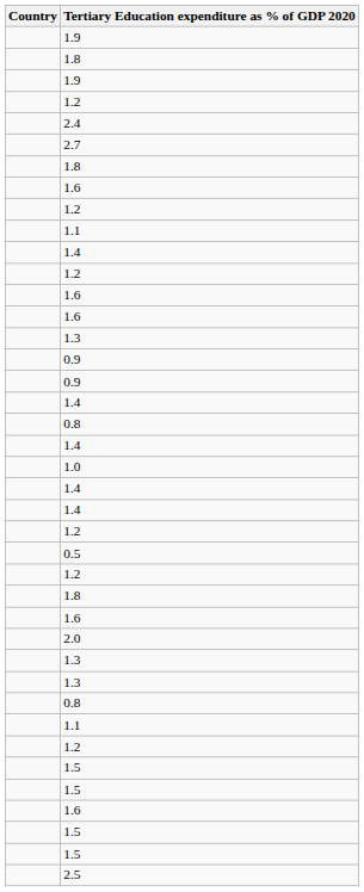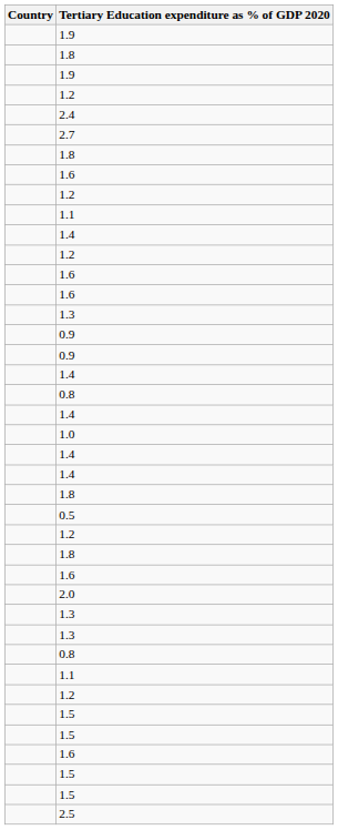 <table class="wikitable sortable mw-collapsible mw-collapsed">
 <tr>
 <th>Country</th>
 <th>Tertiary Education expenditure as % of GDP 2020</th>
 </tr>
 <tr>
 <td></td>
 <td>1.9</td>
 </tr>
 <tr>
 <td></td>
 <td>1.8</td>
 </tr>
 <tr>
 <td></td>
 <td>1.9</td>
 </tr>
 <tr>
 <td></td>
 <td>1.2</td>
 </tr>
 <tr>
 <td></td>
 <td>2.4</td>
 </tr>
 <tr>
 <td></td>
 <td>2.7</td>
 </tr>
 <tr>
 <td></td>
 <td>1.8</td>
 </tr>
 <tr>
 <td></td>
 <td>1.6</td>
 </tr>
 <tr>
 <td></td>
 <td>1.2</td>
 </tr>
 <tr>
 <td></td>
 <td>1.1</td>
 </tr>
 <tr>
 <td></td>
 <td>1.4</td>
 </tr>
 <tr>
 <td></td>
 <td>1.2</td>
 </tr>
 <tr>
 <td></td>
 <td>1.6</td>
 </tr>
 <tr>
 <td></td>
 <td>1.6</td>
 </tr>
 <tr>
 <td></td>
 <td>1.3</td>
 </tr>
 <tr>
 <td></td>
 <td>0.9</td>
 </tr>
 <tr>
 <td></td>
 <td>0.9</td>
 </tr>
 <tr>
 <td></td>
 <td>1.4</td>
 </tr>
 <tr>
 <td></td>
 <td>0.8</td>
 </tr>
 <tr>
 <td></td>
 <td>1.4</td>
 </tr>
 <tr>
 <td></td>
 <td>1.0</td>
 </tr>
 <tr>
 <td></td>
 <td>1.4</td>
 </tr>
 <tr>
 <td></td>
 <td>1.4</td>
 </tr>
 <tr>
 <td></td>
-<td>1.2</td>
+<td>1.8</td>
 </tr>
 <tr>
 <td></td>
 <td>0.5</td>
 </tr>
 <tr>
 <td></td>
 <td>1.2</td>
 </tr>
 <tr>
 <td></td>
 <td>1.8</td>
 </tr>
 <tr>
 <td></td>
 <td>1.6</td>
 </tr>
 <tr>
 <td></td>
 <td>2.0</td>
 </tr>
 <tr>
 <td></td>
 <td>1.3</td>
 </tr>
 <tr>
 <td></td>
 <td>1.3</td>
 </tr>
 <tr>
 <td></td>
 <td>0.8</td>
 </tr>
 <tr>
 <td></td>
 <td>1.1</td>
 </tr>
 <tr>
 <td></td>
 <td>1.2</td>
 </tr>
 <tr>
 <td></td>
 <td>1.5</td>
 </tr>
 <tr>
 <td></td>
 <td>1.5</td>
 </tr>
 <tr>
 <td></td>
 <td>1.6</td>
 </tr>
 <tr>
 <td></td>
 <td>1.5</td>
 </tr>
 <tr>
 <td></td>
 <td>1.5</td>
 </tr>
 <tr>
 <td></td>
 <td>2.5</td>
 </tr>
 </table>
